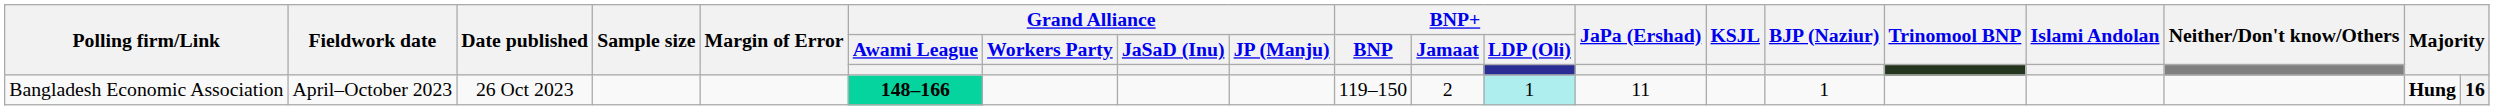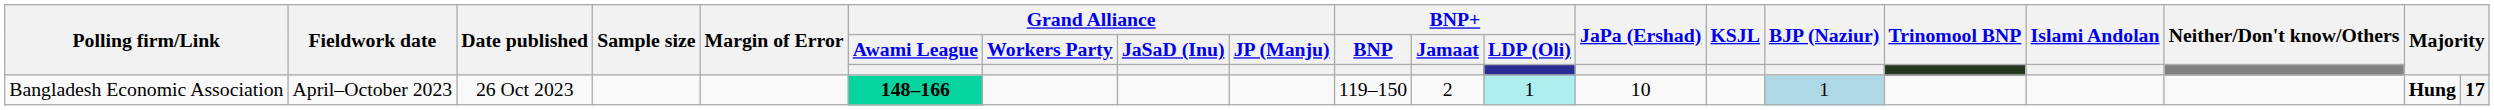 <table class="wikitable sortable" style="text-align:center;font-size:95%;line-height:16px">
 <tr>
 <th rowspan="3">Polling firm/Link</th>
 <th rowspan="3">Fieldwork date</th>
 <th rowspan="3">Date published</th>
 <th rowspan="3">Sample size</th>
 <th rowspan="3">Margin of Error</th>
 <th colspan="4"><a href='#'>Grand Alliance</a></th>
 <th colspan="3"><a href='#'>BNP+</a></th>
 <th rowspan="2"><a href='#'>JaPa (Ershad)</a></th>
 <th rowspan="2"><a href='#'>KSJL</a></th>
 <th rowspan="2"><a href='#'>BJP (Naziur)</a></th>
 <th rowspan="2"><a href='#'>Trinomool BNP</a></th>
 <th rowspan="2"><a href='#'>Islami Andolan</a></th>
 <th rowspan="2">Neither/Don't know/Others</th>
 <th colspan="2" rowspan="3">Majority</th>
 </tr>
 <tr>
 <th><a href='#'>Awami League</a></th>
 <th><a href='#'>Workers Party</a></th>
 <th><a href='#'>JaSaD (Inu)</a></th>
 <th><a href='#'>JP (Manju)</a></th>
 <th><a href='#'>BNP</a></th>
 <th><a href='#'>Jamaat</a></th>
 <th><a href='#'>LDP (Oli)</a></th>
 </tr>
 <tr>
 <th data-sort-type="number" style="height:1px; background:"></th>
 <th data-sort-type="number" style="height:1px; background:"></th>
 <th data-sort-type="number" style="height:1px; background:"></th>
 <th data-sort-type="number" style="height:1px; background:"></th>
 <th data-sort-type="number" style="height:1px; background:"></th>
 <th data-sort-type="number" style="height:1px; background:"></th>
 <th data-sort-type="number" style="text-align:Center; background:#2a2d93;color:white"></th>
 <th data-sort-type="number" style="height:1px; background:"></th>
 <th data-sort-type="number" style="height:1px; background:"></th>
 <th data-sort-type="number" style="height:1px; background:"></th>
 <th data-sort-type="number" style="text-align:Center; background:#24361e;color:white"></th>
 <th data-sort-type="number" style="height:1px; background:"></th>
 <th class="unsortable" style="background:grey"></th>
 </tr>
 <tr>
 <td>Bangladesh Economic Association</td>
 <td>April–October 2023</td>
 <td>26 Oct 2023</td>
 <td></td>
 <td></td>
 <td style="background:#06d49e;"><strong>148–166</strong></td>
 <td></td>
 <td></td>
 <td></td>
 <td>119–150</td>
 <td>2</td>
 <td style="background: paleturquoise;">1</td>
-<td>11</td>
+<td>10</td>
 <td></td>
-<td>1</td>
+<td style="background: lightblue;">1</td>
 <td></td>
 <td></td>
 <td></td>
 <td><strong>Hung</strong></td>
-<th style="background:"><strong>16</strong></th>
+<th style="background:"><strong>17</strong></th>
 </tr>
 </table>
